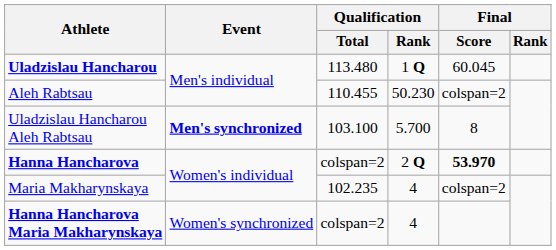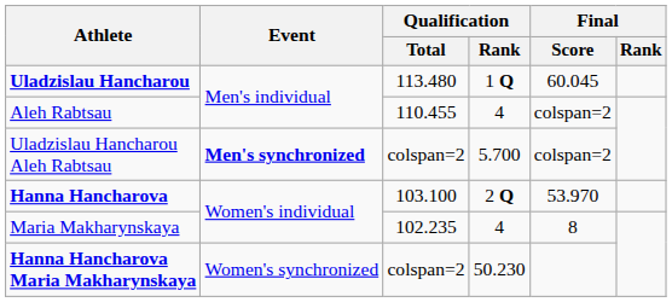 <table class="wikitable" style="text-align:center; font-size:90%">
 <tr>
 <th rowspan=2>Athlete</th>
 <th rowspan=2>Event</th>
 <th colspan=2>Qualification</th>
 <th colspan=2>Final</th>
 </tr>
 <tr style="font-size:95%">
 <th>Total</th>
 <th>Rank</th>
 <th>Score</th>
 <th>Rank</th>
 </tr>
 <tr>
 <td align=left><strong><a href='#'>Uladzislau Hancharou</a></strong></td>
 <td rowspan=2 align=left><a href='#'>Men's individual</a></td>
 <td>113.480</td>
 <td>1 <strong>Q</strong></td>
 <td>60.045</td>
 <td></td>
 </tr>
 <tr>
 <td align=left><a href='#'>Aleh Rabtsau</a></td>
 <td>110.455</td>
-<td>50.230</td>
+<td>4</td>
 <td>colspan=2 </td>
 </tr>
 <tr>
 <td align=left><a href='#'>Uladzislau Hancharou</a><br><a href='#'>Aleh Rabtsau</a></td>
 <td align=left><strong><a href='#'>Men's synchronized</a></strong></td>
-<td>103.100</td>
+<td>colspan=2 </td>
 <td>5.700</td>
-<td>8</td>
+<td>colspan=2 </td>
 </tr>
 <tr>
 <td align=left><strong><a href='#'>Hanna Hancharova</a></strong></td>
 <td rowspan=2 align=left><a href='#'>Women's individual</a></td>
-<td>colspan=2 </td>
+<td>103.100</td>
 <td>2 <strong>Q</strong></td>
-<td><strong>53.970</strong></td>
+<td>53.970</td>
 <td></td>
 </tr>
 <tr>
 <td align=left><a href='#'>Maria Makharynskaya</a></td>
 <td>102.235</td>
 <td>4</td>
-<td>colspan=2 </td>
+<td>8</td>
 </tr>
 <tr>
 <td align=left><strong><a href='#'>Hanna Hancharova</a><br><a href='#'>Maria Makharynskaya</a></strong></td>
 <td align=left><a href='#'>Women's synchronized</a></td>
 <td>colspan=2 </td>
-<td>4</td>
+<td>50.230</td>
 <td></td>
 </tr>
 </table>
